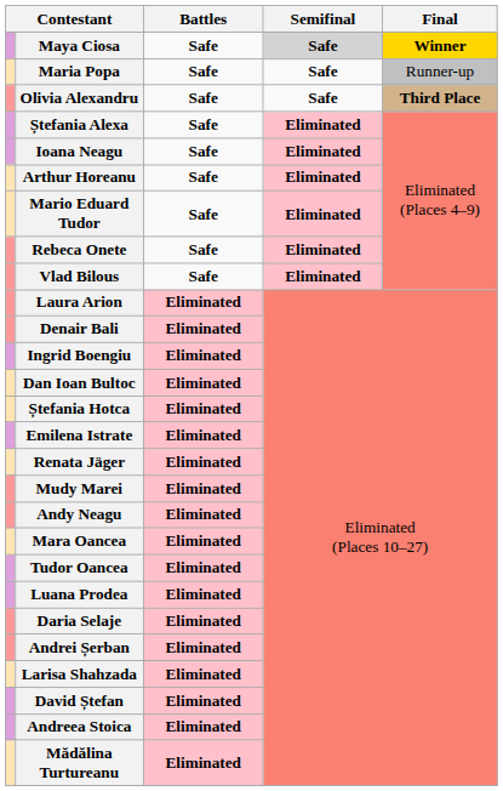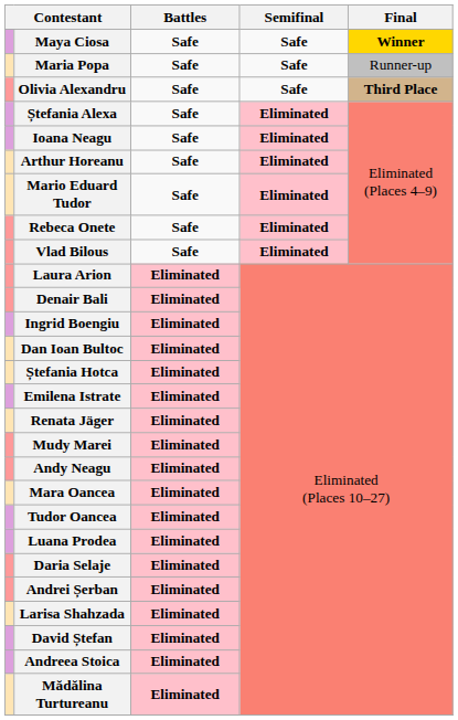 <table class="wikitable" style="text-align:center; width:50%; font-size:90%">
 <tr>
 <th colspan="2" style="width:18%;">Contestant</th>
 <th scope="col" style="width:15%;">Battles</th>
 <th scope="col" style="width:15%;">Semifinal</th>
 <th colspan="2" style="width:15%;">Final</th>
 </tr>
 <tr>
 <th style="background:#dda0dd;"></th>
 <th>Maya Ciosa</th>
 <td><strong>Safe</strong></td>
-<td style="background: lightgrey;"><strong>Safe</strong></td>
+<td><strong>Safe</strong></td>
 <td style = "background:gold"><strong>Winner</strong></td>
 </tr>
 <tr>
 <th style="background:#ffe5b4;"></th>
 <th>Maria Popa</th>
 <td><strong>Safe</strong></td>
 <td><strong>Safe</strong></td>
 <td style = "background:silver">Runner-up</td>
 </tr>
 <tr>
 <th style="background:#ff9999"></th>
 <th>Olivia Alexandru</th>
 <td><strong>Safe</strong></td>
 <td><strong>Safe</strong></td>
 <td style = "background:tan"><strong>Third Place</strong></td>
 </tr>
 <tr>
 <th style="background:#dda0dd;"></th>
 <th>Ștefania Alexa</th>
 <td><strong>Safe</strong></td>
 <td style = "background:pink"><strong>Eliminated</strong></td>
 <td rowspan="6" colspan="2" style="background:salmon;">Eliminated<br> (Places 4–9)</td>
 </tr>
 <tr>
 <th style="background:#dda0dd;"></th>
 <th>Ioana Neagu</th>
 <td><strong>Safe</strong></td>
 <td style = "background:pink"><strong>Eliminated</strong></td>
 </tr>
 <tr>
 <th style="background:#ffe5b4;"></th>
 <th>Arthur Horeanu</th>
 <td><strong>Safe</strong></td>
 <td style = "background:pink"><strong>Eliminated</strong></td>
 </tr>
 <tr>
 <th style="background:#ffe5b4;"></th>
 <th>Mario Eduard Tudor</th>
 <td><strong>Safe</strong></td>
 <td style = "background:pink"><strong>Eliminated</strong></td>
 </tr>
 <tr>
 <th style="background:#ff9999"></th>
 <th>Rebeca Onete</th>
 <td><strong>Safe</strong></td>
 <td style = "background:pink"><strong>Eliminated</strong></td>
 </tr>
 <tr>
 <th style="background:#ff9999"></th>
 <th>Vlad Bilous</th>
 <td><strong>Safe</strong></td>
 <td style = "background:pink"><strong>Eliminated</strong></td>
 </tr>
 <tr>
 <th style="background:#ff9999"></th>
 <th>Laura Arion</th>
 <td style = "background:pink"><strong>Eliminated</strong></td>
 <td rowspan="18" colspan="2" style="background:salmon;">Eliminated<br> (Places 10–27)</td>
 </tr>
 <tr>
 <th style="background:#ff9999"></th>
 <th>Denair Bali</th>
 <td style = "background:pink"><strong>Eliminated</strong></td>
 </tr>
 <tr>
 <th style="background:#dda0dd;"></th>
 <th>Ingrid Boengiu</th>
 <td style = "background:pink"><strong>Eliminated</strong></td>
 </tr>
 <tr>
 <th style="background:#ffe5b4;"></th>
 <th>Dan Ioan Bultoc</th>
 <td style = "background:pink"><strong>Eliminated</strong></td>
 </tr>
 <tr>
 <th style="background:#ffe5b4;"></th>
 <th>Ștefania Hotca</th>
 <td style = "background:pink"><strong>Eliminated</strong></td>
 </tr>
 <tr>
 <th style="background:#dda0dd;"></th>
 <th>Emilena Istrate</th>
 <td style = "background:pink"><strong>Eliminated</strong></td>
 </tr>
 <tr>
 <th style="background:#ffe5b4;"></th>
 <th>Renata Jäger</th>
 <td style = "background:pink"><strong>Eliminated</strong></td>
 </tr>
 <tr>
 <th style="background:#ff9999"></th>
 <th>Mudy Marei</th>
 <td style = "background:pink"><strong>Eliminated</strong></td>
 </tr>
 <tr>
 <th style="background:#ff9999"></th>
 <th>Andy Neagu</th>
 <td style = "background:pink"><strong>Eliminated</strong></td>
 </tr>
 <tr>
 <th style="background:#ffe5b4;"></th>
 <th>Mara Oancea</th>
 <td style = "background:pink"><strong>Eliminated</strong></td>
 </tr>
 <tr>
 <th style="background:#dda0dd;"></th>
 <th>Tudor Oancea</th>
 <td style = "background:pink"><strong>Eliminated</strong></td>
 </tr>
 <tr>
 <th style="background:#dda0dd;"></th>
 <th>Luana Prodea</th>
 <td style = "background:pink"><strong>Eliminated</strong></td>
 </tr>
 <tr>
 <th style="background:#ff9999"></th>
 <th>Daria Selaje</th>
 <td style = "background:pink"><strong>Eliminated</strong></td>
 </tr>
 <tr>
 <th style="background:#ff9999"></th>
 <th>Andrei Șerban</th>
 <td style = "background:pink"><strong>Eliminated</strong></td>
 </tr>
 <tr>
 <th style="background:#ffe5b4;"></th>
 <th>Larisa Shahzada</th>
 <td style = "background:pink"><strong>Eliminated</strong></td>
 </tr>
 <tr>
 <th style="background:#dda0dd;"></th>
 <th>David Ștefan</th>
 <td style = "background:pink"><strong>Eliminated</strong></td>
 </tr>
 <tr>
 <th style="background:#dda0dd;"></th>
 <th>Andreea Stoica</th>
 <td style = "background:pink"><strong>Eliminated</strong></td>
 </tr>
 <tr>
 <th style="background:#ffe5b4;"></th>
 <th>Mădălina Turtureanu</th>
 <td style = "background:pink"><strong>Eliminated</strong></td>
 </tr>
 <tr>
 </tr>
 </table>
